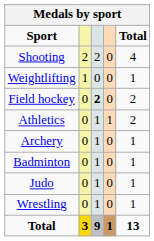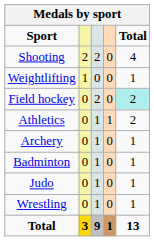 <table class="wikitable" style="font-size:85%; float:right;">
 <tr style="background:#efefef;">
 <th colspan=7>Medals by sport</th>
 </tr>
 <tr align=center>
 <td><strong>Sport</strong></td>
 <td style="background:#f7f6a8;"></td>
 <td style="background:#dce5e5;"></td>
 <td style="background:#ffdab9;"></td>
 <td><strong>Total</strong></td>
 </tr>
 <tr align=center>
 <td><a href='#'>Shooting</a></td>
 <td style="background:#f7f6a8;">2</td>
 <td style="background:#dce5e5;">2</td>
 <td style="background:#ffdab9;">0</td>
 <td>4</td>
 </tr>
 <tr align=center>
 <td><a href='#'>Weightlifting</a></td>
 <td style="background:#f7f6a8;">1</td>
 <td style="background:#dce5e5;">0</td>
 <td style="background:#ffdab9;">0</td>
 <td>1</td>
 </tr>
 <tr align=center>
 <td><a href='#'>Field hockey</a></td>
 <td style="background:#f7f6a8;">0</td>
-<td style="background:#dce5e5;"><strong>2</strong></td>
+<td style="background:#dce5e5;">2</td>
 <td style="background:#ffdab9;">0</td>
-<td>2</td>
+<td style="background: paleturquoise;">2</td>
 </tr>
 <tr align=center>
 <td><a href='#'>Athletics</a></td>
 <td style="background:#f7f6a8;">0</td>
 <td style="background:#dce5e5;">1</td>
 <td style="background:#ffdab9;">1</td>
 <td>2</td>
 </tr>
 <tr align=center>
 <td><a href='#'>Archery</a></td>
 <td style="background:#f7f6a8;">0</td>
 <td style="background:#dce5e5;">1</td>
 <td style="background:#ffdab9;">0</td>
 <td>1</td>
 </tr>
 <tr align=center>
 <td><a href='#'>Badminton</a></td>
 <td style="background:#f7f6a8;">0</td>
 <td style="background:#dce5e5;">1</td>
 <td style="background:#ffdab9;">0</td>
 <td>1</td>
 </tr>
 <tr align=center>
 <td><a href='#'>Judo</a></td>
 <td style="background:#f7f6a8;">0</td>
 <td style="background:#dce5e5;">1</td>
 <td style="background:#ffdab9;">0</td>
 <td>1</td>
 </tr>
 <tr align=center>
 <td><a href='#'>Wrestling</a></td>
 <td style="background:#f7f6a8;">0</td>
 <td style="background:#dce5e5;">1</td>
 <td style="background:#ffdab9;">0</td>
 <td>1</td>
 </tr>
 <tr align=center>
 <td><strong>Total</strong></td>
 <td style="background:gold;"><strong>3</strong></td>
 <td style="background:silver;"><strong>9</strong></td>
 <td style="background:#c96;"><strong>1</strong></td>
 <td><strong>13</strong></td>
 </tr>
 </table>
